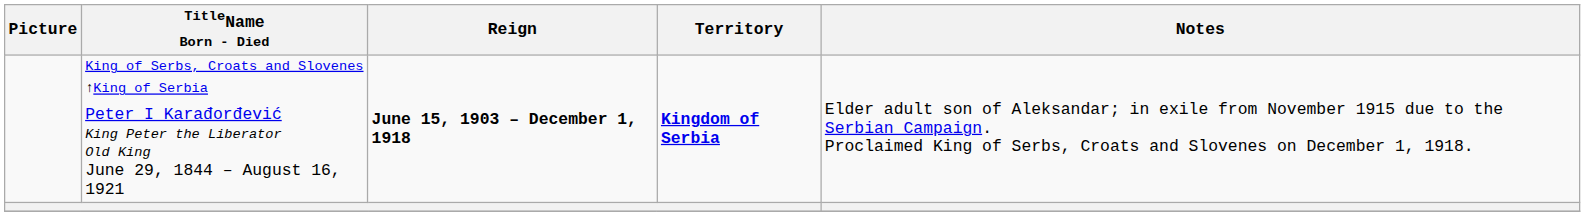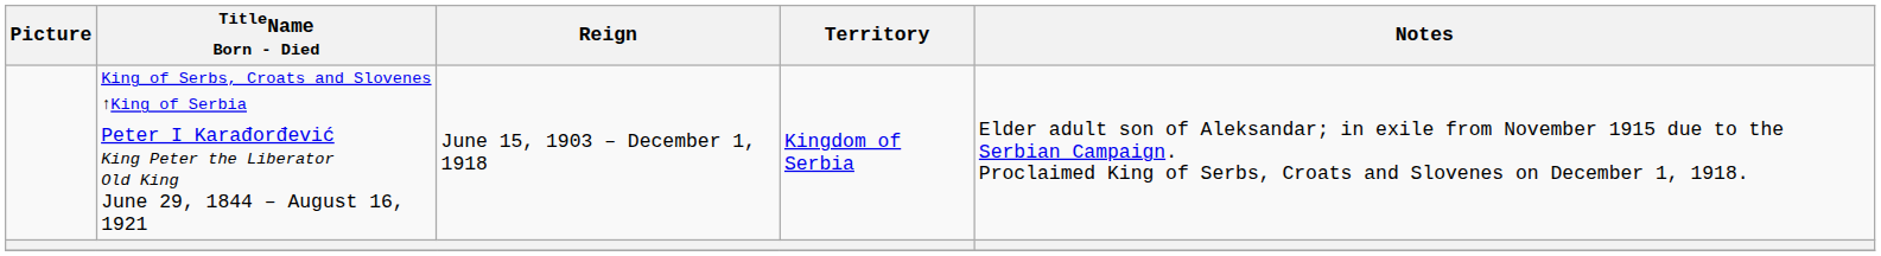 <table class="wikitable">
 <tr>
 <th>Picture</th>
 <th><sup>Title</sup>Name<br><small>Born - Died</small></th>
 <th>Reign</th>
 <th>Territory</th>
 <th>Notes</th>
 </tr>
 <tr ->
 <td></td>
 <td><sup><a href='#'>King of Serbs, Croats and Slovenes</a><br>↑<a href='#'>King of Serbia</a></sup><br><a href='#'>Peter I Karađorđević</a><br><small><em>King Peter the Liberator</em></small><br><small><em>Old King</em></small> <br>  June 29, 1844 – August 16, 1921</td>
-<td><strong>June 15, 1903 – December 1, 1918</strong></td>
-<td><strong><a href='#'>Kingdom of Serbia</a></strong></td>
+<td>June 15, 1903 – December 1, 1918</td>
+<td><a href='#'>Kingdom of Serbia</a></td>
 <td>Elder adult son of Aleksandar; in exile from November 1915 due to the <a href='#'>Serbian Campaign</a>. <br> Proclaimed King of Serbs, Croats and Slovenes on December 1, 1918.</td>
 </tr>
 <tr>
 <th class=noprint colspan=4 style="font-weight:normal"> </th>
 <th class=noprint colspan=7 style="font-weight:normal"></th>
 </tr>
 <tr>
 </tr>
 </table>
